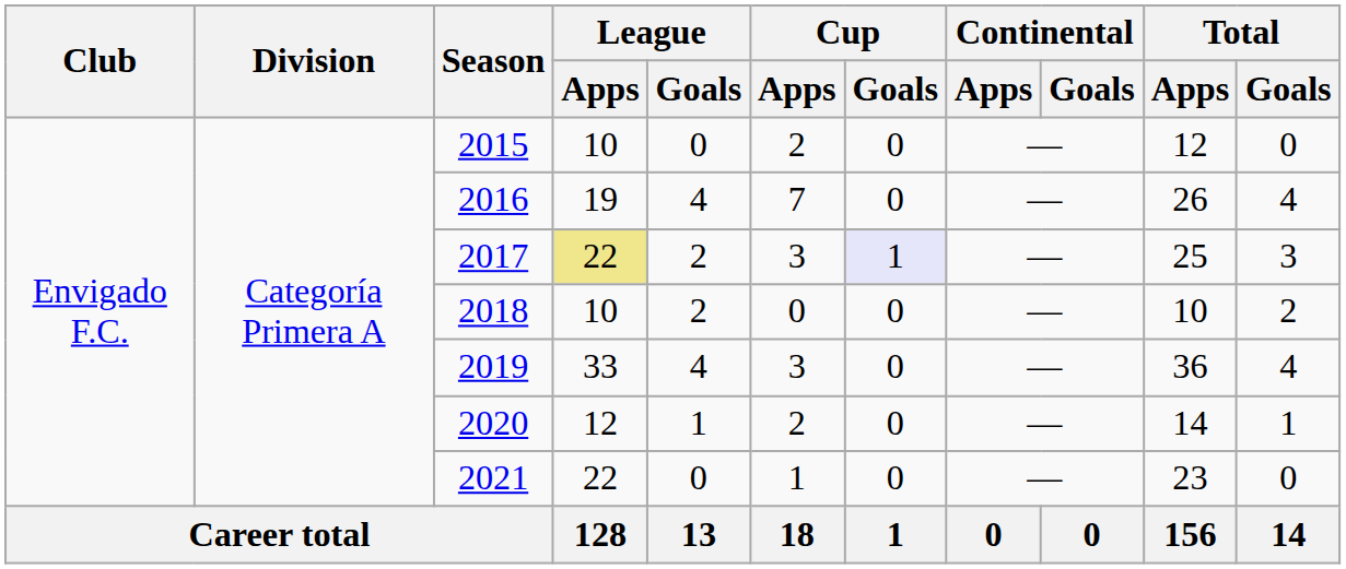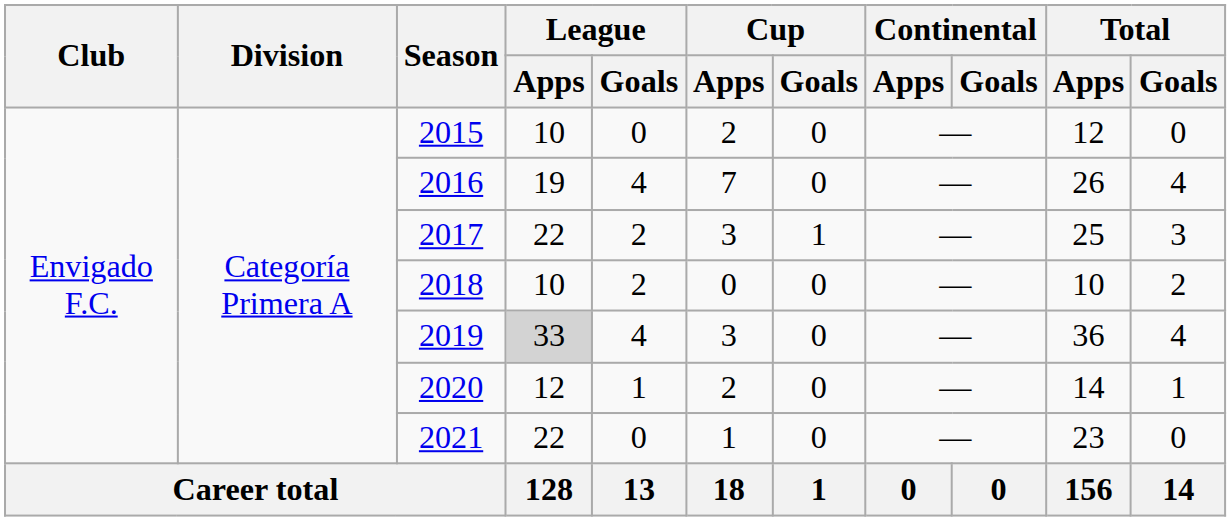 <table class="wikitable" style="text-align: center;">
 <tr>
 <th rowspan="2">Club</th>
 <th rowspan="2">Division</th>
 <th rowspan="2">Season</th>
 <th colspan="2">League</th>
 <th colspan="2">Cup</th>
 <th colspan="2">Continental</th>
 <th colspan="2">Total</th>
 </tr>
 <tr>
 <th>Apps</th>
 <th>Goals</th>
 <th>Apps</th>
 <th>Goals</th>
 <th>Apps</th>
 <th>Goals</th>
 <th>Apps</th>
 <th>Goals</th>
 </tr>
 <tr style="text-align: center;">
 <td rowspan="7" valign="center"><a href='#'>Envigado F.C.</a></td>
 <td rowspan="7" valign="center"><a href='#'>Categoría Primera A</a></td>
 <td><a href='#'>2015</a></td>
 <td>10</td>
 <td>0</td>
 <td>2</td>
 <td>0</td>
 <td colspan="2">—</td>
 <td>12</td>
 <td>0</td>
 </tr>
 <tr>
 <td><a href='#'>2016</a></td>
 <td>19</td>
 <td>4</td>
 <td>7</td>
 <td>0</td>
 <td colspan="2">—</td>
 <td>26</td>
 <td>4</td>
 </tr>
 <tr>
 <td><a href='#'>2017</a></td>
-<td style="background: khaki;">22</td>
+<td>22</td>
 <td>2</td>
 <td>3</td>
-<td style="background: lavender;">1</td>
+<td>1</td>
 <td colspan="2">—</td>
 <td>25</td>
 <td>3</td>
 </tr>
 <tr>
 <td><a href='#'>2018</a></td>
 <td>10</td>
 <td>2</td>
 <td>0</td>
 <td>0</td>
 <td colspan="2">—</td>
 <td>10</td>
 <td>2</td>
 </tr>
 <tr>
 <td><a href='#'>2019</a></td>
-<td>33</td>
+<td style="background: lightgrey;">33</td>
 <td>4</td>
 <td>3</td>
 <td>0</td>
 <td colspan="2">—</td>
 <td>36</td>
 <td>4</td>
 </tr>
 <tr>
 <td><a href='#'>2020</a></td>
 <td>12</td>
 <td>1</td>
 <td>2</td>
 <td>0</td>
 <td colspan="2">—</td>
 <td>14</td>
 <td>1</td>
 </tr>
 <tr>
 <td><a href='#'>2021</a></td>
 <td>22</td>
 <td>0</td>
 <td>1</td>
 <td>0</td>
 <td colspan="2">—</td>
 <td>23</td>
 <td>0</td>
 </tr>
 <tr style="color: black;">
 <th colspan="3" valign="center">Career total</th>
 <th>128</th>
 <th>13</th>
 <th>18</th>
 <th>1</th>
 <th>0</th>
 <th>0</th>
 <th>156</th>
 <th>14</th>
 </tr>
 </table>
